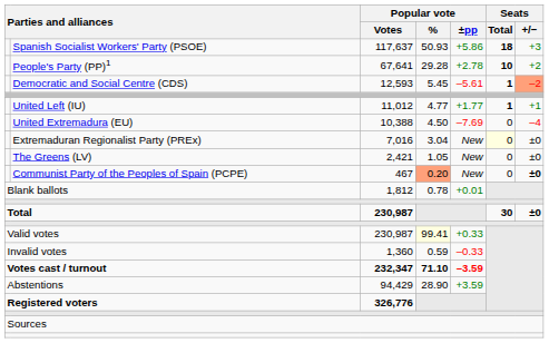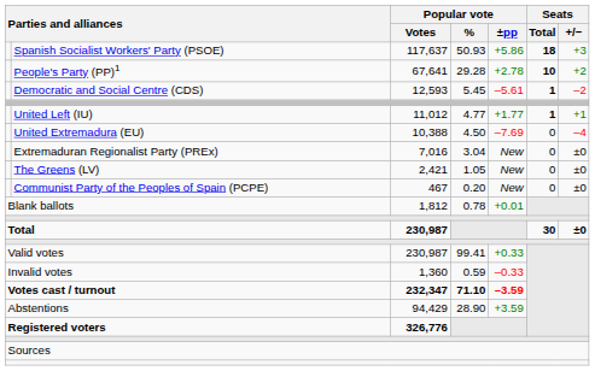 <table class="wikitable" style="text-align:right;">
 <tr>
 <th style="text-align:left;" rowspan="2" colspan="2" width="525">Parties and alliances</th>
 <th colspan="3">Popular vote</th>
 <th colspan="2">Seats</th>
 </tr>
 <tr>
 <th width="75">Votes</th>
 <th width="45">%</th>
 <th width="45">±<a href='#'>pp</a></th>
 <th width="35">Total</th>
 <th width="35">+/−</th>
 </tr>
 <tr>
 <td width="1" style="color:inherit;background:"></td>
 <td align="left"><a href='#'>Spanish Socialist Workers' Party</a> (PSOE)</td>
 <td>117,637</td>
 <td>50.93</td>
 <td style="color:green;">+5.86</td>
 <td><strong>18</strong></td>
 <td style="color:green;">+3</td>
 </tr>
 <tr>
 <td style="color:inherit;background:"></td>
 <td align="left"><a href='#'>People's Party</a> (PP)<sup>1</sup></td>
 <td>67,641</td>
 <td>29.28</td>
 <td style="color:green;">+2.78</td>
 <td><strong>10</strong></td>
 <td style="color:green;">+2</td>
 </tr>
 <tr>
 <td style="color:inherit;background:"></td>
 <td align="left"><a href='#'>Democratic and Social Centre</a> (CDS)</td>
 <td>12,593</td>
 <td>5.45</td>
 <td style="color:red;">–5.61</td>
 <td><strong>1</strong></td>
-<td style="background: lightsalmon; color:red;">–2</td>
+<td style="color:red;">–2</td>
 </tr>
 <tr>
 <td colspan="7" bgcolor="#C0C0C0"></td>
 </tr>
 <tr>
 <td style="color:inherit;background:"></td>
 <td align="left"><a href='#'>United Left</a> (IU)</td>
 <td>11,012</td>
 <td>4.77</td>
 <td style="color:green;">+1.77</td>
 <td><strong>1</strong></td>
 <td style="color:green;">+1</td>
 </tr>
 <tr>
 <td style="color:inherit;background:"></td>
 <td align="left"><a href='#'>United Extremadura</a> (EU)</td>
 <td>10,388</td>
 <td>4.50</td>
 <td style="color:red;">–7.69</td>
 <td>0</td>
 <td style="color:red;">–4</td>
 </tr>
 <tr>
 <td style="color:inherit;background:"></td>
 <td align="left">Extremaduran Regionalist Party (PREx)</td>
 <td>7,016</td>
 <td>3.04</td>
 <td><em>New</em></td>
-<td style="background: lightyellow;">0</td>
+<td>0</td>
 <td>±0</td>
 </tr>
 <tr>
 <td style="color:inherit;background:"></td>
 <td align="left"><a href='#'>The Greens</a> (LV)</td>
 <td>2,421</td>
 <td>1.05</td>
 <td><em>New</em></td>
 <td>0</td>
 <td>±0</td>
 </tr>
 <tr>
 <td style="color:inherit;background:"></td>
 <td align="left"><a href='#'>Communist Party of the Peoples of Spain</a> (PCPE)</td>
 <td>467</td>
-<td style="background: lightsalmon;">0.20</td>
+<td>0.20</td>
 <td><em>New</em></td>
 <td>0</td>
-<td><strong>±0</strong></td>
+<td>±0</td>
 </tr>
 <tr>
 <td align="left" colspan="2">Blank ballots</td>
 <td>1,812</td>
 <td>0.78</td>
 <td style="color:green;">+0.01</td>
 <td bgcolor="#E9E9E9" colspan="2"></td>
 </tr>
 <tr>
 <td colspan="7" bgcolor="#E9E9E9"></td>
 </tr>
 <tr style="font-weight:bold;">
 <td align="left" colspan="2">Total</td>
 <td>230,987</td>
 <td bgcolor="#E9E9E9" colspan="2"></td>
 <td>30</td>
 <td>±0</td>
 </tr>
 <tr>
 <td colspan="7" bgcolor="#E9E9E9"></td>
 </tr>
 <tr>
 <td align="left" colspan="2">Valid votes</td>
 <td>230,987</td>
-<td style="background: lightyellow;">99.41</td>
+<td>99.41</td>
 <td style="color:green;">+0.33</td>
 <td bgcolor="#E9E9E9" colspan="2" rowspan="5"></td>
 </tr>
 <tr>
 <td align="left" colspan="2">Invalid votes</td>
 <td>1,360</td>
 <td>0.59</td>
 <td style="color:red;">–0.33</td>
 </tr>
 <tr style="font-weight:bold;">
 <td align="left" colspan="2">Votes cast / turnout</td>
 <td>232,347</td>
 <td>71.10</td>
 <td style="color:red;">–3.59</td>
 </tr>
 <tr>
 <td align="left" colspan="2">Abstentions</td>
 <td>94,429</td>
 <td>28.90</td>
 <td style="color:green;">+3.59</td>
 </tr>
 <tr style="font-weight:bold;">
 <td align="left" colspan="2">Registered voters</td>
 <td>326,776</td>
 <td bgcolor="#E9E9E9" colspan="2"></td>
 </tr>
 <tr>
 <td colspan="7" bgcolor="#E9E9E9"></td>
 </tr>
 <tr>
 <td align="left" colspan="7">Sources</td>
 </tr>
 <tr>
 <td colspan="7" style="text-align:left; max-width:790px;"></td>
 </tr>
 </table>
